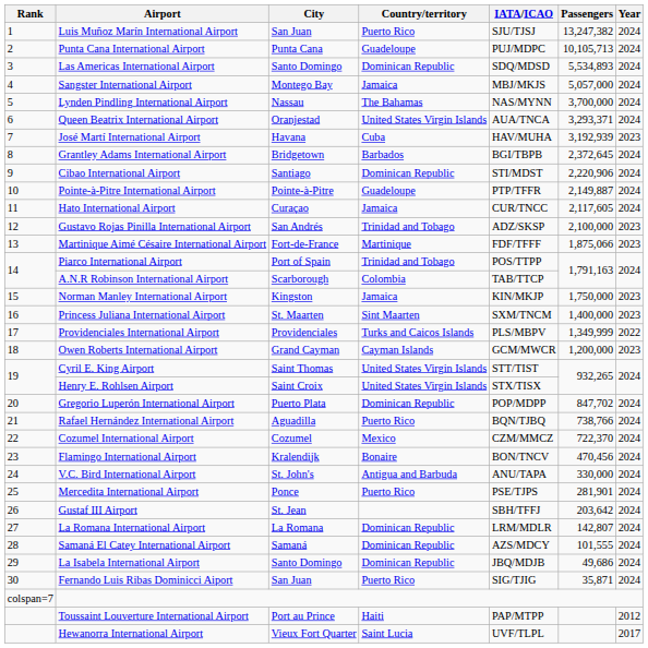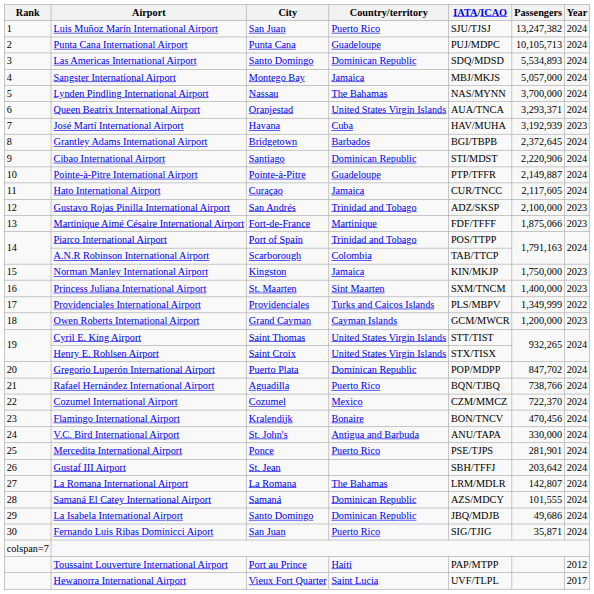 <table class="wikitable sortable">
 <tr>
 <th>Rank</th>
 <th>Airport</th>
 <th>City</th>
 <th>Country/territory</th>
 <th><a href='#'>IATA</a>/<a href='#'>ICAO</a></th>
 <th data-sort-type="number">Passengers</th>
 <th>Year</th>
 </tr>
 <tr>
 <td>1</td>
 <td><a href='#'>Luis Muñoz Marín International Airport</a></td>
 <td><a href='#'>San Juan</a></td>
 <td> <a href='#'>Puerto Rico</a></td>
 <td>SJU/TJSJ</td>
 <td align="right">13,247,382</td>
 <td>2024</td>
 </tr>
 <tr>
 <td>2</td>
 <td><a href='#'>Punta Cana International Airport</a></td>
 <td><a href='#'>Punta Cana</a></td>
 <td> <a href='#'>Guadeloupe</a></td>
 <td>PUJ/MDPC</td>
 <td align="right">10,105,713</td>
 <td>2024</td>
 </tr>
 <tr>
 <td>3</td>
 <td><a href='#'>Las Americas International Airport</a></td>
 <td><a href='#'>Santo Domingo</a></td>
 <td> <a href='#'>Dominican Republic</a></td>
 <td>SDQ/MDSD</td>
 <td align="right">5,534,893</td>
 <td>2024</td>
 </tr>
 <tr>
 <td>4</td>
 <td><a href='#'>Sangster International Airport</a></td>
 <td><a href='#'>Montego Bay</a></td>
 <td> <a href='#'>Jamaica</a></td>
 <td>MBJ/MKJS</td>
 <td align="right">5,057,000</td>
 <td>2024</td>
 </tr>
 <tr>
 <td>5</td>
 <td><a href='#'>Lynden Pindling International Airport</a></td>
 <td><a href='#'>Nassau</a></td>
 <td> <a href='#'>The Bahamas</a></td>
 <td>NAS/MYNN</td>
 <td align="right">3,700,000</td>
 <td>2024</td>
 </tr>
 <tr>
 <td>6</td>
 <td><a href='#'>Queen Beatrix International Airport</a></td>
 <td><a href='#'>Oranjestad</a></td>
 <td> <a href='#'>United States Virgin Islands</a></td>
 <td>AUA/TNCA</td>
 <td align="right">3,293,371</td>
 <td>2024</td>
 </tr>
 <tr>
 <td>7</td>
 <td><a href='#'>José Martí International Airport</a></td>
 <td><a href='#'>Havana</a></td>
 <td> <a href='#'>Cuba</a></td>
 <td>HAV/MUHA</td>
 <td align="right">3,192,939</td>
 <td>2023</td>
 </tr>
 <tr>
 <td>8</td>
 <td><a href='#'>Grantley Adams International Airport</a></td>
 <td><a href='#'>Bridgetown</a></td>
 <td> <a href='#'>Barbados</a></td>
 <td>BGI/TBPB</td>
 <td align="right">2,372,645</td>
 <td>2024</td>
 </tr>
 <tr>
 <td>9</td>
 <td><a href='#'>Cibao International Airport</a></td>
 <td><a href='#'>Santiago</a></td>
 <td> <a href='#'>Dominican Republic</a></td>
 <td>STI/MDST</td>
 <td align="right">2,220,906</td>
 <td>2024</td>
 </tr>
 <tr>
 <td>10</td>
 <td><a href='#'>Pointe-à-Pitre International Airport</a></td>
 <td><a href='#'>Pointe-à-Pitre</a></td>
 <td> <a href='#'>Guadeloupe</a></td>
 <td>PTP/TFFR</td>
 <td align="right">2,149,887</td>
 <td>2024</td>
 </tr>
 <tr>
 <td>11</td>
 <td><a href='#'>Hato International Airport</a></td>
 <td><a href='#'>Curaçao</a></td>
 <td> <a href='#'>Jamaica</a></td>
 <td>CUR/TNCC</td>
 <td align="right">2,117,605</td>
 <td>2024</td>
 </tr>
 <tr>
 <td>12</td>
 <td><a href='#'>Gustavo Rojas Pinilla International Airport</a></td>
 <td><a href='#'>San Andrés</a></td>
 <td> <a href='#'>Trinidad and Tobago</a></td>
 <td>ADZ/SKSP</td>
 <td align="right">2,100,000</td>
 <td>2023</td>
 </tr>
 <tr>
 <td>13</td>
 <td><a href='#'>Martinique Aimé Césaire International Airport</a></td>
 <td><a href='#'>Fort-de-France</a></td>
 <td> <a href='#'>Martinique</a></td>
 <td>FDF/TFFF</td>
 <td align="right">1,875,066</td>
 <td>2023</td>
 </tr>
 <tr>
 <td rowspan="2">14</td>
 <td><a href='#'>Piarco International Airport</a></td>
 <td><a href='#'>Port of Spain</a></td>
 <td> <a href='#'>Trinidad and Tobago</a></td>
 <td>POS/TTPP</td>
 <td rowspan="2" align="right">1,791,163</td>
 <td rowspan="2">2024</td>
 </tr>
 <tr>
 <td><a href='#'>A.N.R Robinson International Airport</a></td>
 <td><a href='#'>Scarborough</a></td>
 <td> <a href='#'>Colombia</a></td>
 <td>TAB/TTCP</td>
 </tr>
 <tr>
 <td>15</td>
 <td><a href='#'>Norman Manley International Airport</a></td>
 <td><a href='#'>Kingston</a></td>
 <td> <a href='#'>Jamaica</a></td>
 <td>KIN/MKJP</td>
 <td align="right">1,750,000</td>
 <td>2023</td>
 </tr>
 <tr>
 <td>16</td>
 <td><a href='#'>Princess Juliana International Airport</a></td>
 <td><a href='#'>St. Maarten</a></td>
 <td> <a href='#'>Sint Maarten</a></td>
 <td>SXM/TNCM</td>
 <td align="right">1,400,000</td>
 <td>2023</td>
 </tr>
 <tr>
 <td>17</td>
 <td><a href='#'>Providenciales International Airport</a></td>
 <td><a href='#'>Providenciales</a></td>
 <td> <a href='#'>Turks and Caicos Islands</a></td>
 <td>PLS/MBPV</td>
 <td align="right">1,349,999</td>
 <td>2022</td>
 </tr>
 <tr>
 <td>18</td>
 <td><a href='#'>Owen Roberts International Airport</a></td>
 <td><a href='#'>Grand Cayman</a></td>
 <td> <a href='#'>Cayman Islands</a></td>
 <td>GCM/MWCR</td>
 <td align="right">1,200,000</td>
 <td>2023</td>
 </tr>
 <tr>
 <td rowspan="2">19</td>
 <td><a href='#'>Cyril E. King Airport</a></td>
 <td><a href='#'>Saint Thomas</a></td>
 <td> <a href='#'>United States Virgin Islands</a></td>
 <td>STT/TIST</td>
 <td rowspan="2" align="right">932,265</td>
 <td rowspan="2">2024</td>
 </tr>
 <tr>
 <td><a href='#'>Henry E. Rohlsen Airport</a></td>
 <td><a href='#'>Saint Croix</a></td>
 <td> <a href='#'>United States Virgin Islands</a></td>
 <td>STX/TISX</td>
 </tr>
 <tr>
 <td>20</td>
 <td><a href='#'>Gregorio Luperón International Airport</a></td>
 <td><a href='#'>Puerto Plata</a></td>
 <td> <a href='#'>Dominican Republic</a></td>
 <td>POP/MDPP</td>
 <td align="right">847,702</td>
 <td>2024</td>
 </tr>
 <tr>
 <td>21</td>
 <td><a href='#'>Rafael Hernández International Airport</a></td>
 <td><a href='#'>Aguadilla</a></td>
 <td> <a href='#'>Puerto Rico</a></td>
 <td>BQN/TJBQ</td>
 <td align="right">738,766</td>
 <td>2024</td>
 </tr>
 <tr>
 <td>22</td>
 <td><a href='#'>Cozumel International Airport</a></td>
 <td><a href='#'>Cozumel</a></td>
 <td> <a href='#'>Mexico</a></td>
 <td>CZM/MMCZ</td>
 <td align="right">722,370</td>
 <td>2024</td>
 </tr>
 <tr>
 <td>23</td>
 <td><a href='#'>Flamingo International Airport</a></td>
 <td><a href='#'>Kralendijk</a></td>
 <td> <a href='#'>Bonaire</a></td>
 <td>BON/TNCV</td>
 <td align="right">470,456</td>
 <td>2024</td>
 </tr>
 <tr>
 <td>24</td>
 <td><a href='#'>V.C. Bird International Airport</a></td>
 <td><a href='#'>St. John's</a></td>
 <td> <a href='#'>Antigua and Barbuda</a></td>
 <td>ANU/TAPA</td>
 <td align="right">330,000</td>
 <td>2024</td>
 </tr>
 <tr>
 <td>25</td>
 <td><a href='#'>Mercedita International Airport</a></td>
 <td><a href='#'>Ponce</a></td>
 <td> <a href='#'>Puerto Rico</a></td>
 <td>PSE/TJPS</td>
 <td align="right">281,901</td>
 <td>2024</td>
 </tr>
 <tr>
 <td>26</td>
 <td><a href='#'>Gustaf III Airport</a></td>
 <td><a href='#'>St. Jean</a></td>
 <td></td>
 <td>SBH/TFFJ</td>
 <td align="right">203,642</td>
 <td>2024</td>
 </tr>
 <tr>
 <td>27</td>
 <td><a href='#'>La Romana International Airport</a></td>
 <td><a href='#'>La Romana</a></td>
-<td> <a href='#'>Dominican Republic</a></td>
+<td> <a href='#'>The Bahamas</a></td>
 <td>LRM/MDLR</td>
 <td align="right">142,807</td>
 <td>2024</td>
 </tr>
 <tr>
 <td>28</td>
 <td><a href='#'>Samaná El Catey International Airport</a></td>
 <td><a href='#'>Samaná</a></td>
 <td> <a href='#'>Dominican Republic</a></td>
 <td>AZS/MDCY</td>
 <td align="right">101,555</td>
 <td>2024</td>
 </tr>
 <tr>
 <td>29</td>
 <td><a href='#'>La Isabela International Airport</a></td>
 <td><a href='#'>Santo Domingo</a></td>
 <td> <a href='#'>Dominican Republic</a></td>
 <td>JBQ/MDJB</td>
 <td align="right">49,686</td>
 <td>2024</td>
 </tr>
 <tr>
 <td>30</td>
 <td><a href='#'>Fernando Luis Ribas Dominicci Aiport</a></td>
 <td><a href='#'>San Juan</a></td>
 <td> <a href='#'>Puerto Rico</a></td>
 <td>SIG/TJIG</td>
 <td align="right">35,871</td>
 <td>2024</td>
 </tr>
 <tr>
 <td>colspan=7 </td>
 </tr>
 <tr>
 <td></td>
 <td><a href='#'>Toussaint Louverture International Airport</a></td>
 <td><a href='#'>Port au Prince</a></td>
 <td> <a href='#'>Haiti</a></td>
 <td>PAP/MTPP</td>
 <td align="right"></td>
 <td>2012</td>
 </tr>
 <tr>
 <td></td>
 <td><a href='#'>Hewanorra International Airport</a></td>
 <td><a href='#'>Vieux Fort Quarter</a></td>
 <td> <a href='#'>Saint Lucia</a></td>
 <td>UVF/TLPL</td>
 <td align="right"></td>
 <td>2017</td>
 </tr>
 </table>
